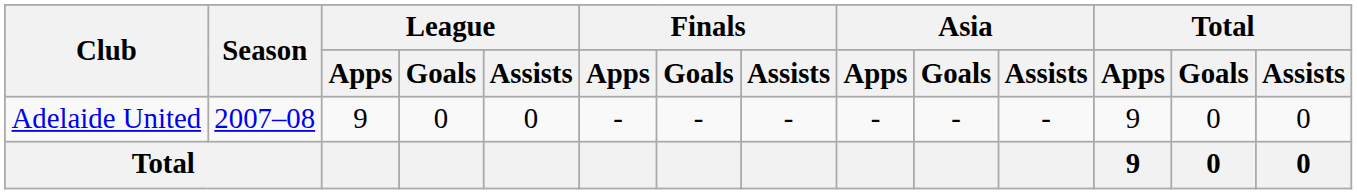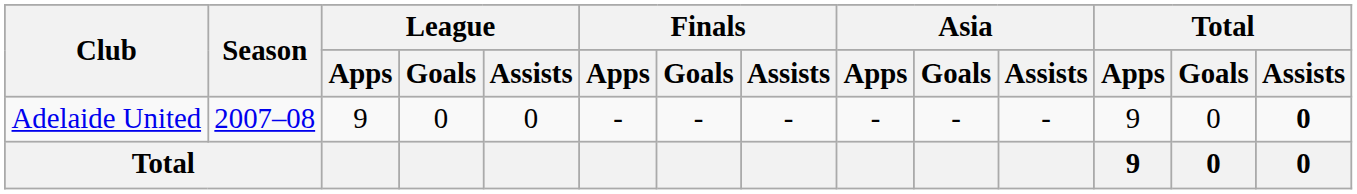 <table class="wikitable" style="text-align: center;">
 <tr>
 <th rowspan="2">Club</th>
 <th rowspan="2">Season</th>
 <th colspan="3">League</th>
 <th colspan="3">Finals</th>
 <th colspan="3">Asia</th>
 <th colspan="3">Total</th>
 </tr>
 <tr>
 <th>Apps</th>
 <th>Goals</th>
 <th>Assists</th>
 <th>Apps</th>
 <th>Goals</th>
 <th>Assists</th>
 <th>Apps</th>
 <th>Goals</th>
 <th>Assists</th>
 <th>Apps</th>
 <th>Goals</th>
 <th>Assists</th>
 </tr>
 <tr>
 <td rowspan="1" valign="center"><a href='#'>Adelaide United</a></td>
 <td><a href='#'>2007–08</a></td>
 <td>9</td>
 <td>0</td>
 <td>0</td>
 <td>-</td>
 <td>-</td>
 <td>-</td>
 <td>-</td>
 <td>-</td>
 <td>-</td>
 <td>9</td>
 <td>0</td>
-<td>0</td>
+<td><strong>0</strong></td>
 </tr>
 <tr>
 <th colspan="2">Total</th>
 <th></th>
 <th></th>
 <th></th>
 <th></th>
 <th></th>
 <th></th>
 <th></th>
 <th></th>
 <th></th>
 <th>9</th>
 <th>0</th>
 <th>0</th>
 </tr>
 </table>
